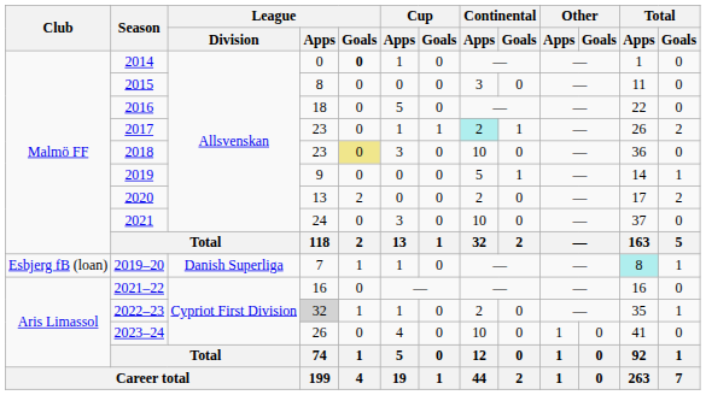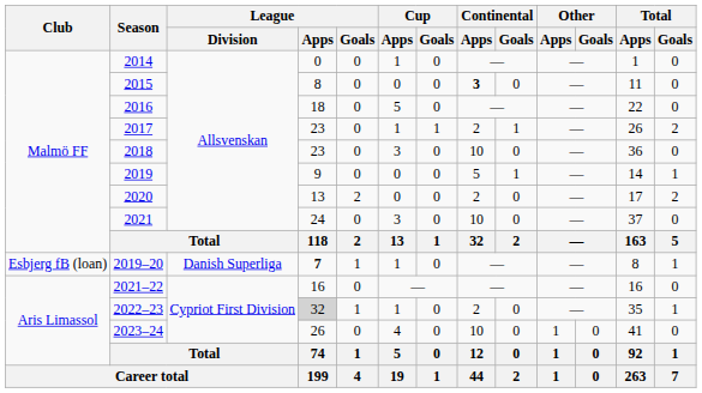 <table class="wikitable" style="text-align:center">
 <tr>
 <th rowspan="2">Club</th>
 <th rowspan="2">Season</th>
 <th colspan="3">League</th>
 <th colspan="2">Cup</th>
 <th colspan="2">Continental</th>
 <th colspan="2">Other</th>
 <th colspan="2">Total</th>
 </tr>
 <tr>
 <th>Division</th>
 <th>Apps</th>
 <th>Goals</th>
 <th>Apps</th>
 <th>Goals</th>
 <th>Apps</th>
 <th>Goals</th>
 <th>Apps</th>
 <th>Goals</th>
 <th>Apps</th>
 <th>Goals</th>
 </tr>
 <tr>
 <td rowspan="9"><a href='#'>Malmö FF</a></td>
 <td><a href='#'>2014</a></td>
 <td rowspan="8"><a href='#'>Allsvenskan</a></td>
 <td>0</td>
-<td><strong>0</strong></td>
+<td>0</td>
 <td>1</td>
 <td>0</td>
 <td colspan="2">—</td>
 <td colspan="2">—</td>
 <td>1</td>
 <td>0</td>
 </tr>
 <tr>
 <td><a href='#'>2015</a></td>
 <td>8</td>
 <td>0</td>
 <td>0</td>
 <td>0</td>
-<td>3</td>
+<td><strong>3</strong></td>
 <td>0</td>
 <td colspan="2">—</td>
 <td>11</td>
 <td>0</td>
 </tr>
 <tr>
 <td><a href='#'>2016</a></td>
 <td>18</td>
 <td>0</td>
 <td>5</td>
 <td>0</td>
 <td colspan="2">—</td>
 <td colspan="2">—</td>
 <td>22</td>
 <td>0</td>
 </tr>
 <tr>
 <td><a href='#'>2017</a></td>
 <td>23</td>
 <td>0</td>
 <td>1</td>
 <td>1</td>
-<td style="background: paleturquoise;">2</td>
+<td>2</td>
 <td>1</td>
 <td colspan="2">—</td>
 <td>26</td>
 <td>2</td>
 </tr>
 <tr>
 <td><a href='#'>2018</a></td>
 <td>23</td>
-<td style="background: khaki;">0</td>
+<td>0</td>
 <td>3</td>
 <td>0</td>
 <td>10</td>
 <td>0</td>
 <td colspan="2">—</td>
 <td>36</td>
 <td>0</td>
 </tr>
 <tr>
 <td><a href='#'>2019</a></td>
 <td>9</td>
 <td>0</td>
 <td>0</td>
 <td>0</td>
 <td>5</td>
 <td>1</td>
 <td colspan="2">—</td>
 <td>14</td>
 <td>1</td>
 </tr>
 <tr>
 <td><a href='#'>2020</a></td>
 <td>13</td>
 <td>2</td>
 <td>0</td>
 <td>0</td>
 <td>2</td>
 <td>0</td>
 <td colspan="2">—</td>
 <td>17</td>
 <td>2</td>
 </tr>
 <tr>
 <td><a href='#'>2021</a></td>
 <td>24</td>
 <td>0</td>
 <td>3</td>
 <td>0</td>
 <td>10</td>
 <td>0</td>
 <td colspan="2">—</td>
 <td>37</td>
 <td>0</td>
 </tr>
 <tr>
 <th colspan="2">Total</th>
 <th>118</th>
 <th>2</th>
 <th>13</th>
 <th>1</th>
 <th>32</th>
 <th>2</th>
 <th colspan="2">—</th>
 <th>163</th>
 <th>5</th>
 </tr>
 <tr>
 <td><a href='#'>Esbjerg fB</a> (loan)</td>
 <td><a href='#'>2019–20</a></td>
 <td><a href='#'>Danish Superliga</a></td>
-<td>7</td>
+<td><strong>7</strong></td>
 <td>1</td>
 <td>1</td>
 <td>0</td>
 <td colspan="2">—</td>
 <td colspan="2">—</td>
-<td style="background: paleturquoise;">8</td>
+<td>8</td>
 <td>1</td>
 </tr>
 <tr>
 <td rowspan="4"><a href='#'>Aris Limassol</a></td>
 <td><a href='#'>2021–22</a></td>
 <td rowspan="3"><a href='#'>Cypriot First Division</a></td>
 <td>16</td>
 <td>0</td>
 <td colspan="2">—</td>
 <td colspan="2">—</td>
 <td colspan="2">—</td>
 <td>16</td>
 <td>0</td>
 </tr>
 <tr>
 <td><a href='#'>2022–23</a></td>
 <td style="background: lightgrey;">32</td>
 <td>1</td>
 <td>1</td>
 <td>0</td>
 <td>2</td>
 <td>0</td>
 <td colspan="2">—</td>
 <td>35</td>
 <td>1</td>
 </tr>
 <tr>
 <td><a href='#'>2023–24</a></td>
 <td>26</td>
 <td>0</td>
 <td>4</td>
 <td>0</td>
 <td>10</td>
 <td>0</td>
 <td>1</td>
 <td>0</td>
 <td>41</td>
 <td>0</td>
 </tr>
 <tr>
 <th colspan="2">Total</th>
 <th>74</th>
 <th>1</th>
 <th>5</th>
 <th>0</th>
 <th>12</th>
 <th>0</th>
 <th>1</th>
 <th>0</th>
 <th>92</th>
 <th>1</th>
 </tr>
 <tr>
 <th colspan="3">Career total</th>
 <th>199</th>
 <th>4</th>
 <th>19</th>
 <th>1</th>
 <th>44</th>
 <th>2</th>
 <th>1</th>
 <th>0</th>
 <th>263</th>
 <th>7</th>
 </tr>
 </table>
